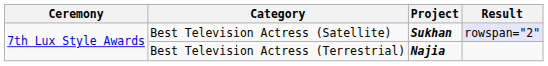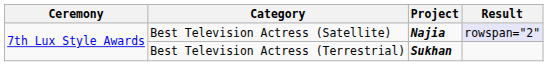 <table class="wikitable style">
 <tr>
 <th>Ceremony</th>
 <th>Category</th>
 <th>Project</th>
 <th>Result</th>
 </tr>
 <tr>
 <td rowspan="2"><a href='#'>7th Lux Style Awards</a></td>
 <td>Best Television Actress (Satellite)</td>
-<td><strong><em>Sukhan</em></strong></td>
+<td><strong><em>Najia</em></strong></td>
 <td style="background: lavender;">rowspan="2" </td>
 </tr>
 <tr>
 <td>Best Television Actress (Terrestrial)</td>
-<td><strong><em>Najia</em></strong></td>
+<td><strong><em>Sukhan</em></strong></td>
 </tr>
 </table>
